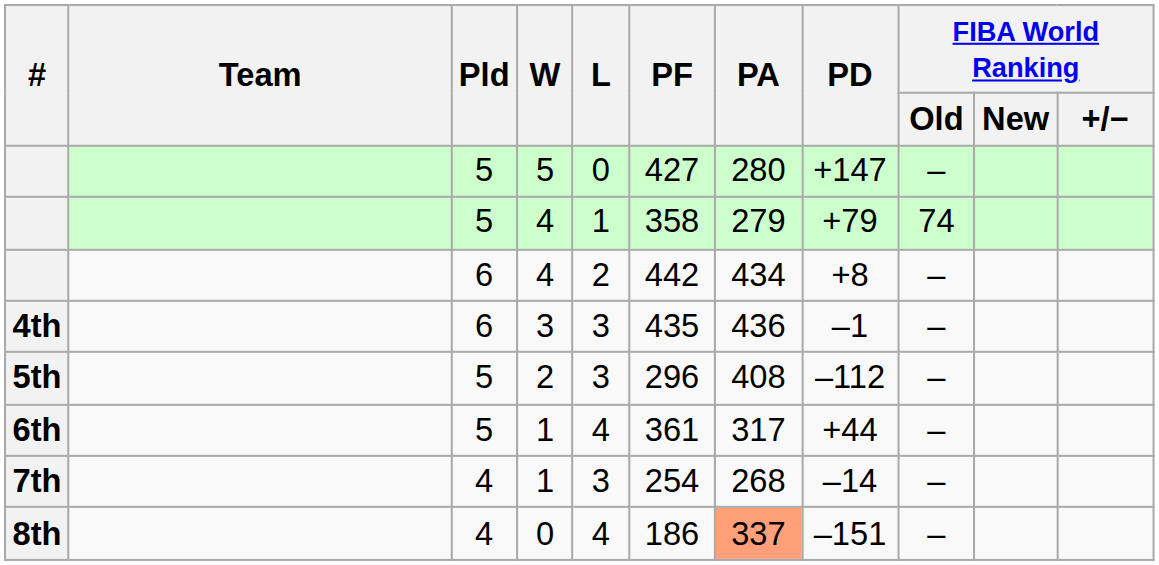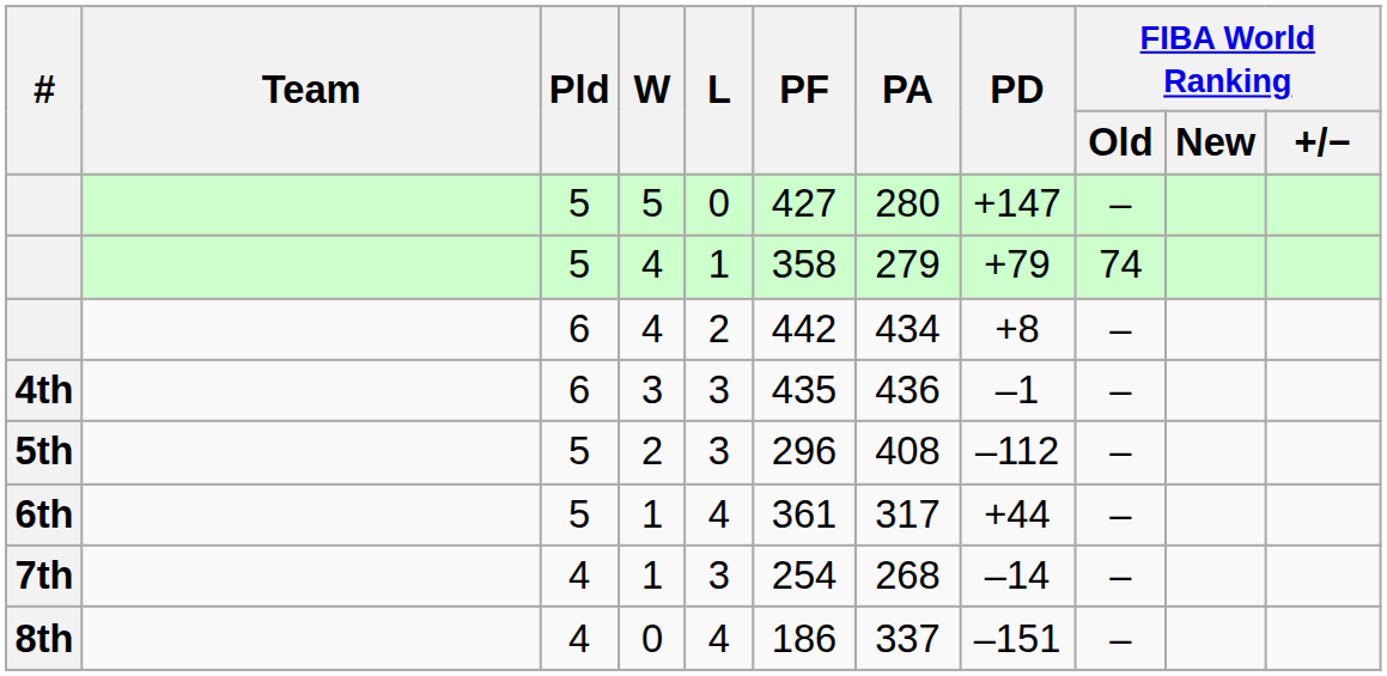 <table class=wikitable style="text-align:center;">
 <tr>
 <th rowspan=2>#</th>
 <th width=180px rowspan=2>Team</th>
 <th width=20px rowspan=2>Pld</th>
 <th width=20px rowspan=2>W</th>
 <th width=20px rowspan=2>L</th>
 <th width=35px rowspan=2>PF</th>
 <th width=35px rowspan=2>PA</th>
 <th width=40px rowspan=2>PD</th>
 <th colspan=3><small><a href='#'>FIBA World Ranking</a></small></th>
 </tr>
 <tr>
 <th width=30px>Old</th>
 <th width=30px>New</th>
 <th width=40px>+/−</th>
 </tr>
 <tr bgcolor=#ccffcc>
 <th></th>
 <td align=left></td>
 <td>5</td>
 <td>5</td>
 <td>0</td>
 <td>427</td>
 <td>280</td>
 <td>+147</td>
 <td>–</td>
 <td></td>
 <td></td>
 </tr>
 <tr bgcolor=#ccffcc>
 <th></th>
 <td align=left></td>
 <td>5</td>
 <td>4</td>
 <td>1</td>
 <td>358</td>
 <td>279</td>
 <td>+79</td>
 <td>74</td>
 <td></td>
 <td></td>
 </tr>
 <tr>
 <th></th>
 <td align=left></td>
 <td>6</td>
 <td>4</td>
 <td>2</td>
 <td>442</td>
 <td>434</td>
 <td>+8</td>
 <td>–</td>
 <td></td>
 <td></td>
 </tr>
 <tr>
 <th>4th</th>
 <td align=left></td>
 <td>6</td>
 <td>3</td>
 <td>3</td>
 <td>435</td>
 <td>436</td>
 <td>–1</td>
 <td>–</td>
 <td></td>
 <td></td>
 </tr>
 <tr>
 <th>5th</th>
 <td align=left></td>
 <td>5</td>
 <td>2</td>
 <td>3</td>
 <td>296</td>
 <td>408</td>
 <td>–112</td>
 <td>–</td>
 <td></td>
 <td></td>
 </tr>
 <tr>
 <th>6th</th>
 <td align=left></td>
 <td>5</td>
 <td>1</td>
 <td>4</td>
 <td>361</td>
 <td>317</td>
 <td>+44</td>
 <td>–</td>
 <td></td>
 <td></td>
 </tr>
 <tr>
 <th>7th</th>
 <td align=left></td>
 <td>4</td>
 <td>1</td>
 <td>3</td>
 <td>254</td>
 <td>268</td>
 <td>–14</td>
 <td>–</td>
 <td></td>
 <td></td>
 </tr>
 <tr>
 <th>8th</th>
 <td align=left></td>
 <td>4</td>
 <td>0</td>
 <td>4</td>
 <td>186</td>
-<td style="background: lightsalmon;">337</td>
+<td>337</td>
 <td>–151</td>
 <td>–</td>
 <td></td>
 <td></td>
 </tr>
 </table>
